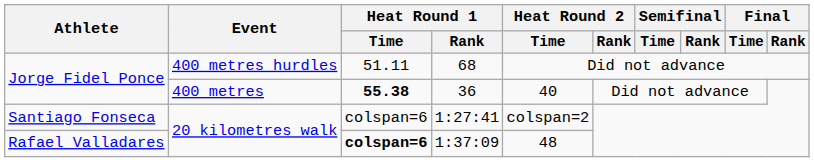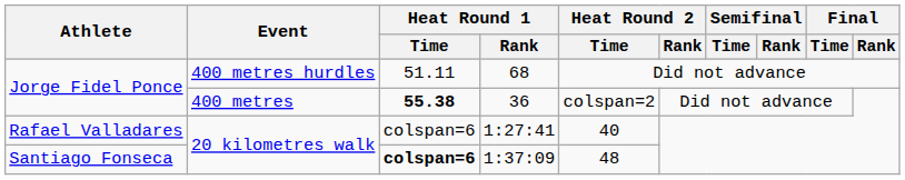 <table class=wikitable style="font-size:90%; text-align:center">
 <tr>
 <th rowspan=2>Athlete</th>
 <th rowspan=2>Event</th>
 <th colspan=2>Heat Round 1</th>
 <th colspan=2>Heat Round 2</th>
 <th colspan=2>Semifinal</th>
 <th colspan=2>Final</th>
 </tr>
 <tr style=font-size:95%>
 <th>Time</th>
 <th>Rank</th>
 <th>Time</th>
 <th>Rank</th>
 <th>Time</th>
 <th>Rank</th>
 <th>Time</th>
 <th>Rank</th>
 </tr>
 <tr align=center>
 <td align=left rowspan=2><a href='#'>Jorge Fidel Ponce</a></td>
 <td align=left><a href='#'>400 metres hurdles</a></td>
 <td>51.11</td>
 <td>68</td>
 <td colspan=6>Did not advance</td>
 </tr>
 <tr align=center>
 <td align=left><a href='#'>400 metres</a></td>
 <td><strong>55.38</strong></td>
 <td>36</td>
-<td>40</td>
+<td>colspan=2</td>
 <td colspan=4>Did not advance</td>
 </tr>
 <tr align=center>
-<td align=left><a href='#'>Santiago Fonseca</a></td>
+<td align=left><a href='#'>Rafael Valladares</a></td>
 <td align=left rowspan=2><a href='#'>20 kilometres walk</a></td>
 <td>colspan=6</td>
 <td>1:27:41</td>
-<td>colspan=2</td>
+<td>40</td>
 </tr>
 <tr align=center>
-<td align=left><a href='#'>Rafael Valladares</a></td>
+<td align=left><a href='#'>Santiago Fonseca</a></td>
 <td><strong>colspan=6</strong></td>
 <td>1:37:09</td>
 <td>48</td>
 </tr>
 </table>
